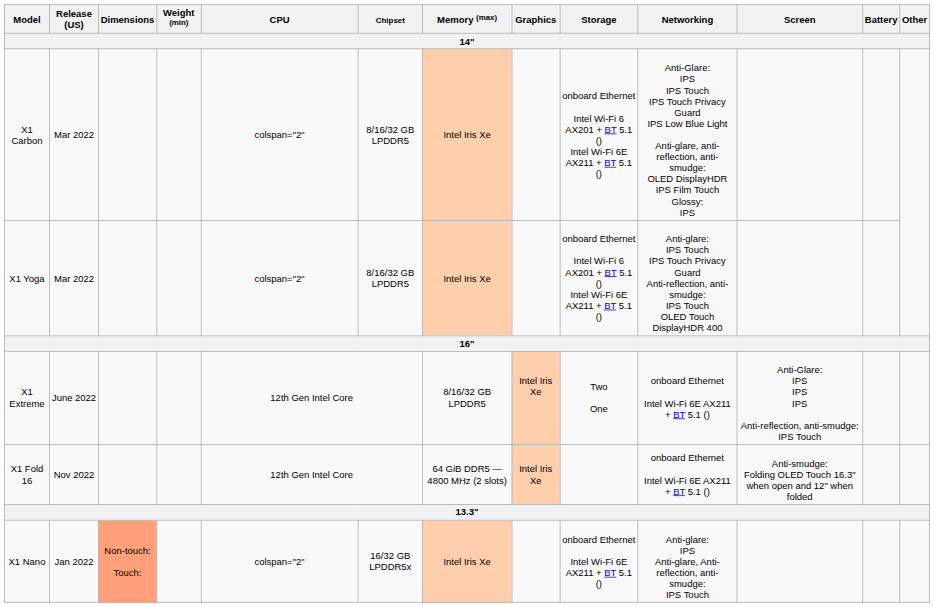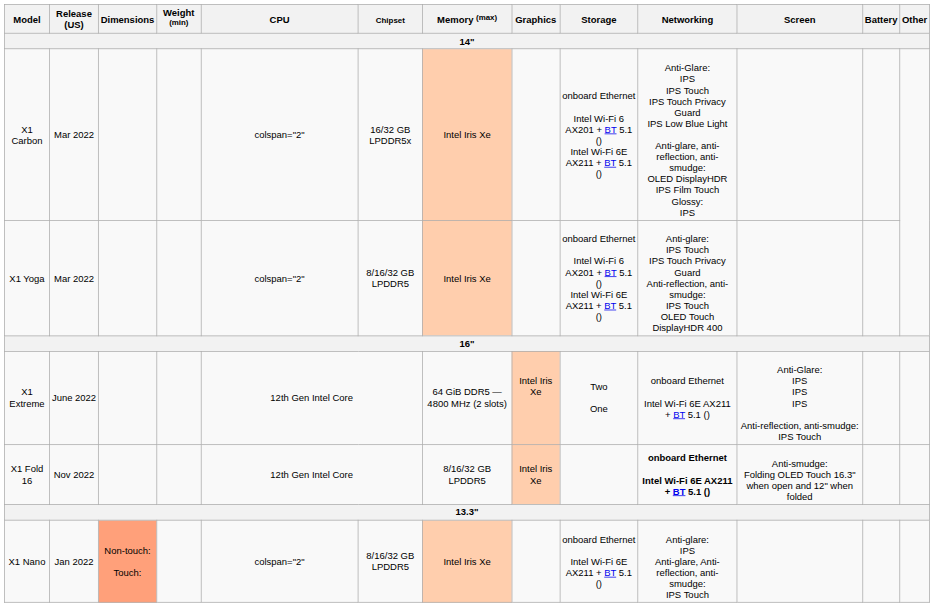 <table class="wikitable" style="font-size: 80%; text-align: center; min-width: 80%;">
 <tr>
 <th>Model</th>
 <th>Release (US)</th>
 <th>Dimensions</th>
 <th>Weight <sup>(min)</sup></th>
 <th style="width:17%">CPU</th>
 <th><small>Chipset</small></th>
 <th>Memory <sup>(max)</sup></th>
 <th>Graphics</th>
 <th>Storage</th>
 <th>Networking</th>
 <th>Screen</th>
 <th>Battery</th>
 <th>Other</th>
 </tr>
 <tr>
 <th colspan=13>14"</th>
 </tr>
 <tr>
 <td>X1 Carbon  </td>
 <td>Mar 2022</td>
 <td></td>
 <td></td>
 <td>colspan="2" </td>
-<td style="background:">8/16/32 GB LPDDR5  <br></td>
+<td style="background:">16/32 GB LPDDR5x <br></td>
 <td style="background:#ffcead;">Intel Iris Xe</td>
 <td></td>
 <td> onboard Ethernet<br><br>Intel Wi-Fi 6 AX201 + <a href='#'>BT</a> 5.1 ()<br>Intel Wi-Fi 6E AX211 + <a href='#'>BT</a> 5.1 ()<br><small></small></td>
 <td style="background:"><br>Anti-Glare: <br>  IPS<br>  IPS Touch<br>  IPS Touch Privacy Guard<br>  IPS Low Blue Light<br> <br>Anti-glare, anti-reflection, anti-smudge: <br>  OLED DisplayHDR  IPS Film Touch <br>Glossy: <br>  IPS</td>
 <td></td>
 <td></td>
 </tr>
 <tr>
 <td>X1 Yoga  </td>
 <td>Mar 2022</td>
 <td></td>
 <td></td>
 <td>colspan="2" </td>
 <td style="background:">8/16/32 GB LPDDR5  <br></td>
 <td style="background:#ffcead;">Intel Iris Xe</td>
 <td></td>
 <td> onboard Ethernet<br><br>Intel Wi-Fi 6 AX201 + <a href='#'>BT</a> 5.1 ()<br>Intel Wi-Fi 6E AX211 + <a href='#'>BT</a> 5.1 ()<br><small></small></td>
 <td style="background:"><br>Anti-glare: <br>  IPS Touch<br>  IPS Touch Privacy Guard<br>Anti-reflection, anti-smudge: <br>  IPS Touch<br>  OLED Touch DisplayHDR 400</td>
 <td></td>
 <td></td>
 </tr>
 <tr>
 <th colspan=13>16"</th>
 </tr>
 <tr>
 <td>X1 Extreme  </td>
 <td>June 2022</td>
 <td></td>
 <td></td>
 <td colspan="2" style="background:">12th Gen Intel Core</td>
-<td style="background:">8/16/32 GB LPDDR5  <br></td>
+<td style="background:">64 GiB DDR5 — 4800 MHz (2 slots)</td>
 <td style="background:#ffcead;">Intel Iris Xe<br><br><br></td>
 <td>Two <br><br>One <br></td>
 <td> onboard Ethernet<br><br>Intel Wi-Fi 6E AX211 + <a href='#'>BT</a> 5.1 ()<br><small></small></td>
 <td style="background:"><br>Anti-Glare: <br>  IPS<br>  IPS<br>  IPS<br> <br>Anti-reflection, anti-smudge: <br>  IPS Touch</td>
 <td></td>
 <td></td>
 </tr>
 <tr>
 <td>X1 Fold 16  </td>
 <td>Nov 2022</td>
 <td></td>
 <td></td>
 <td colspan="2" style="background:">12th Gen Intel Core</td>
-<td style="background:">64 GiB DDR5 — 4800 MHz (2 slots)</td>
+<td style="background:">8/16/32 GB LPDDR5  <br></td>
 <td style="background:#ffcead;">Intel Iris Xe</td>
 <td></td>
-<td> onboard Ethernet<br><br>Intel Wi-Fi 6E AX211 + <a href='#'>BT</a> 5.1 ()<br><small></small></td>
+<td><strong> onboard Ethernet<br><br>Intel Wi-Fi 6E AX211 + <a href='#'>BT</a> 5.1 ()<br><small></small></strong></td>
 <td style="background:"><br>Anti-smudge: <br>  Folding OLED Touch 16.3" when open and 12" when folded<br></td>
 <td></td>
 <td></td>
 </tr>
 <tr>
 <th colspan=13>13.3"</th>
 </tr>
 <tr>
 <td>X1 Nano  </td>
 <td>Jan 2022</td>
 <td style="background: lightsalmon;">Non-touch: <br><br>Touch: </td>
 <td></td>
 <td>colspan="2" </td>
-<td style="background:">16/32 GB LPDDR5x <br></td>
+<td style="background:">8/16/32 GB LPDDR5  <br></td>
 <td style="background:#ffcead;">Intel Iris Xe</td>
 <td></td>
 <td> onboard Ethernet<br><br>Intel Wi-Fi 6E AX211 + <a href='#'>BT</a> 5.1 ()<br><small></small></td>
 <td style="background:"><br>Anti-glare: <br>  IPS<br>Anti-glare, Anti-reflection, anti-smudge: <br>  IPS Touch<br></td>
 <td></td>
 <td></td>
 </tr>
 </table>
